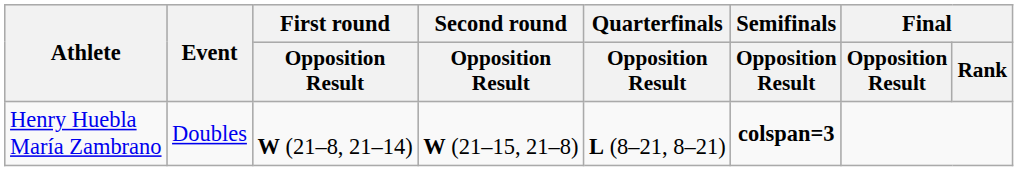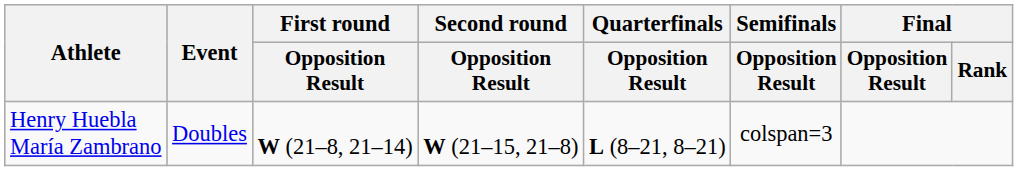 <table class=wikitable style=font-size:90%;text-align:center>
 <tr>
 <th rowspan=2>Athlete</th>
 <th rowspan=2>Event</th>
 <th>First round</th>
 <th>Second round</th>
 <th>Quarterfinals</th>
 <th>Semifinals</th>
 <th colspan=2>Final</th>
 </tr>
 <tr style=font-size:95%>
 <th>Opposition<br>Result</th>
 <th>Opposition<br>Result</th>
 <th>Opposition<br>Result</th>
 <th>Opposition<br>Result</th>
 <th>Opposition<br>Result</th>
 <th>Rank</th>
 </tr>
 <tr align=center>
 <td align=left><a href='#'>Henry Huebla</a> <br> <a href='#'>María Zambrano</a></td>
 <td align=left rowspan=2><a href='#'>Doubles</a></td>
 <td><br><strong>W</strong> (21–8, 21–14)</td>
 <td><br><strong>W</strong> (21–15, 21–8)</td>
 <td><br><strong>L</strong> (8–21, 8–21)</td>
-<td><strong>colspan=3 </strong></td>
+<td>colspan=3 </td>
 </tr>
 </table>
